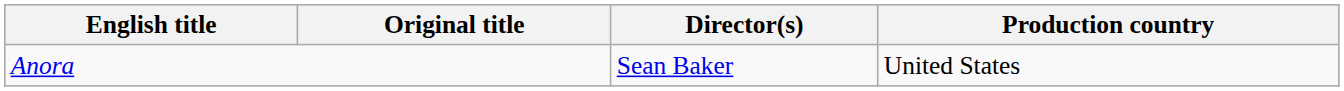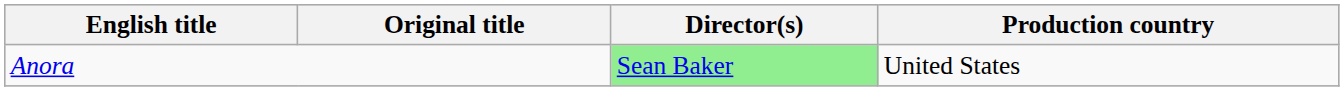 <table class="wikitable" style="width:95%; margin-bottom:2px">
 <tr>
 <th>English title</th>
 <th>Original title</th>
 <th>Director(s)</th>
 <th>Production country</th>
 </tr>
 <tr>
 <td colspan="2"><em><a href='#'>Anora</a></em></td>
-<td><a href='#'>Sean Baker</a></td>
+<td style="background: lightgreen;"><a href='#'>Sean Baker</a></td>
 <td>United States</td>
 </tr>
 </table>
